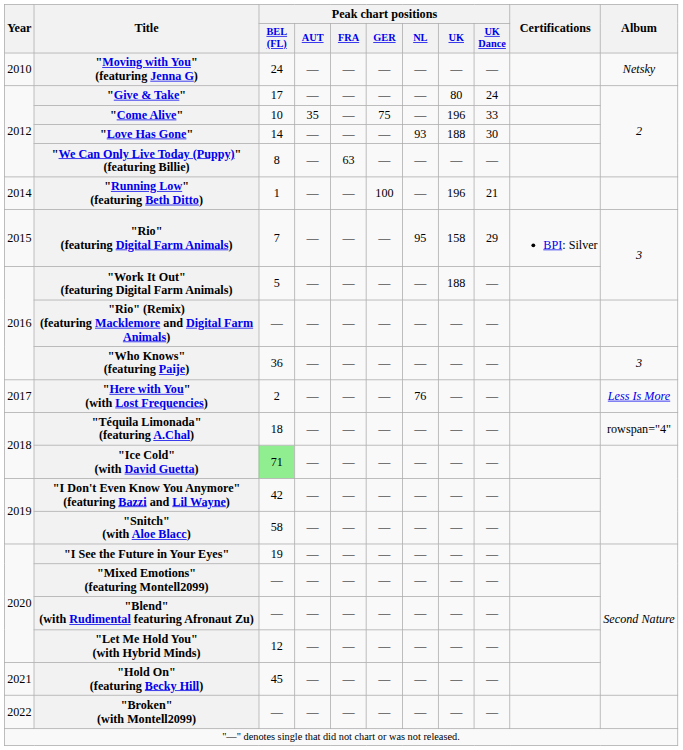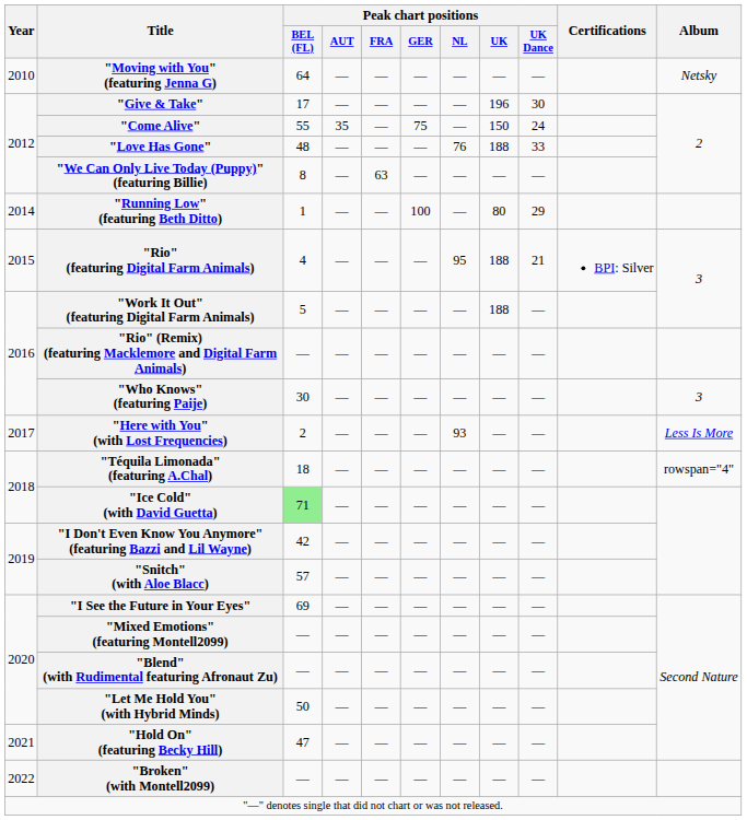 <table class="wikitable plainrowheaders" style="text-align:center;">
 <tr>
 <th scope="col" rowspan="2" style="width:1em;">Year</th>
 <th scope="col" rowspan="2" style="width:18em;">Title</th>
 <th scope="col" colspan="7">Peak chart positions</th>
 <th scope="col" rowspan="2">Certifications</th>
 <th scope="col" rowspan="2">Album</th>
 </tr>
 <tr>
 <th scope="col" style="width:3em;font-size:85%;"><a href='#'>BEL (FL)</a><br></th>
 <th scope="col" style="width:3em;font-size:85%;"><a href='#'>AUT</a><br></th>
 <th scope="col" style="width:3em;font-size:85%;"><a href='#'>FRA</a><br></th>
 <th scope="col" style="width:3em;font-size:85%;"><a href='#'>GER</a><br></th>
 <th scope="col" style="width:3em;font-size:85%;"><a href='#'>NL</a><br></th>
 <th scope="col" style="width:3em;font-size:85%;"><a href='#'>UK</a><br></th>
 <th scope="col" style="width:3em;font-size:85%;"><a href='#'>UK Dance</a><br></th>
 </tr>
 <tr>
 <td>2010</td>
 <th scope="row">"<a href='#'>Moving with You</a>"<br><span>(featuring <a href='#'>Jenna G</a>)</span></th>
-<td>24</td>
+<td>64</td>
 <td>—</td>
 <td>—</td>
 <td>—</td>
 <td>—</td>
 <td>—</td>
 <td>—</td>
 <td></td>
 <td><em>Netsky</em></td>
 </tr>
 <tr>
 <td rowspan="4">2012</td>
 <th scope="row">"<a href='#'>Give & Take</a>"</th>
 <td>17</td>
 <td>—</td>
 <td>—</td>
 <td>—</td>
 <td>—</td>
-<td>80</td>
-<td>24</td>
+<td>196</td>
+<td>30</td>
 <td></td>
 <td rowspan="4"><em>2</em></td>
 </tr>
 <tr>
 <th scope="row">"<a href='#'>Come Alive</a>"</th>
-<td>10</td>
+<td>55</td>
 <td>35</td>
 <td>—</td>
 <td>75</td>
 <td>—</td>
-<td>196</td>
-<td>33</td>
+<td>150</td>
+<td>24</td>
 <td></td>
 </tr>
 <tr>
 <th scope="row">"<a href='#'>Love Has Gone</a>"</th>
-<td>14</td>
+<td>48</td>
 <td>—</td>
 <td>—</td>
 <td>—</td>
-<td>93</td>
+<td>76</td>
 <td>188</td>
-<td>30</td>
+<td>33</td>
 <td></td>
 </tr>
 <tr>
 <th scope="row">"<a href='#'>We Can Only Live Today (Puppy)</a>"<br><span>(featuring Billie)</span></th>
 <td>8</td>
 <td>—</td>
 <td>63</td>
 <td>—</td>
 <td>—</td>
 <td>—</td>
 <td>—</td>
 <td></td>
 </tr>
 <tr>
 <td>2014</td>
 <th scope="row">"<a href='#'>Running Low</a>"<br><span>(featuring <a href='#'>Beth Ditto</a>)</span></th>
 <td>1</td>
 <td>—</td>
 <td>—</td>
 <td>100</td>
 <td>—</td>
-<td>196</td>
-<td>21</td>
+<td>80</td>
+<td>29</td>
 <td></td>
 <td></td>
 </tr>
 <tr>
 <td>2015</td>
 <th scope="row">"Rio"<br><span>(featuring <a href='#'>Digital Farm Animals</a>)</span></th>
-<td>7</td>
+<td>4</td>
 <td>—</td>
 <td>—</td>
 <td>—</td>
 <td>95</td>
-<td>158</td>
-<td>29</td>
+<td>188</td>
+<td>21</td>
 <td><br><ul><li><a href='#'>BPI</a>: Silver</li></ul></td>
 <td rowspan="2"><em>3</em></td>
 </tr>
 <tr>
 <td rowspan="3">2016</td>
 <th scope="row">"Work It Out"<br><span>(featuring Digital Farm Animals)</span></th>
 <td>5</td>
 <td>—</td>
 <td>—</td>
 <td>—</td>
 <td>—</td>
 <td>188</td>
 <td>—</td>
 <td></td>
 </tr>
 <tr>
 <th scope="row">"Rio" (Remix)<br><span>(featuring <a href='#'>Macklemore</a> and <a href='#'>Digital Farm Animals</a>)</span></th>
 <td>—</td>
 <td>—</td>
 <td>—</td>
 <td>—</td>
 <td>—</td>
 <td>—</td>
 <td>—</td>
 <td></td>
 <td></td>
 </tr>
 <tr>
 <th scope="row">"Who Knows"<br><span>(featuring <a href='#'>Paije</a>)</span></th>
-<td>36</td>
+<td>30</td>
 <td>—</td>
 <td>—</td>
 <td>—</td>
 <td>—</td>
 <td>—</td>
 <td>—</td>
 <td></td>
 <td><em>3</em></td>
 </tr>
 <tr>
 <td>2017</td>
 <th scope="row">"<a href='#'>Here with You</a>"<br><span>(with <a href='#'>Lost Frequencies</a>)</span></th>
 <td>2</td>
 <td>—</td>
 <td>—</td>
 <td>—</td>
-<td>76</td>
+<td>93</td>
 <td>—</td>
 <td>—</td>
 <td></td>
 <td><em><a href='#'>Less Is More</a></em></td>
 </tr>
 <tr>
 <td rowspan="2">2018</td>
 <th scope="row">"Téquila Limonada"<br><span>(featuring <a href='#'>A.Chal</a>)</span></th>
 <td>18</td>
 <td>—</td>
 <td>—</td>
 <td>—</td>
 <td>—</td>
 <td>—</td>
 <td>—</td>
 <td></td>
 <td>rowspan="4" </td>
 </tr>
 <tr>
 <th scope="row">"Ice Cold" <br><span>(with <a href='#'>David Guetta</a>)</span></th>
 <td style="background: lightgreen;">71</td>
 <td>—</td>
 <td>—</td>
 <td>—</td>
 <td>—</td>
 <td>—</td>
 <td>—</td>
 <td></td>
 </tr>
 <tr>
 <td rowspan="2">2019</td>
 <th scope="row">"I Don't Even Know You Anymore" <br><span>(featuring <a href='#'>Bazzi</a> and <a href='#'>Lil Wayne</a>)</span></th>
 <td>42</td>
 <td>—</td>
 <td>—</td>
 <td>—</td>
 <td>—</td>
 <td>—</td>
 <td>—</td>
 <td></td>
 </tr>
 <tr>
 <th scope="row">"Snitch" <br><span>(with <a href='#'>Aloe Blacc</a>)</span></th>
-<td>58</td>
+<td>57</td>
 <td>—</td>
 <td>—</td>
 <td>—</td>
 <td>—</td>
 <td>—</td>
 <td>—</td>
 <td></td>
 </tr>
 <tr>
 <td rowspan="4">2020</td>
 <th scope="row">"I See the Future in Your Eyes"</th>
-<td>19</td>
+<td>69</td>
 <td>—</td>
 <td>—</td>
 <td>—</td>
 <td>—</td>
 <td>—</td>
 <td>—</td>
 <td></td>
 <td rowspan="5"><em>Second Nature</em></td>
 </tr>
 <tr>
 <th scope="row">"Mixed Emotions" <br><span>(featuring Montell2099)</span></th>
 <td>—</td>
 <td>—</td>
 <td>—</td>
 <td>—</td>
 <td>—</td>
 <td>—</td>
 <td>—</td>
 <td></td>
 </tr>
 <tr>
 <th scope="row">"Blend" <br><span>(with <a href='#'>Rudimental</a> featuring Afronaut Zu)</span></th>
 <td>—</td>
 <td>—</td>
 <td>—</td>
 <td>—</td>
 <td>—</td>
 <td>—</td>
 <td>—</td>
 <td></td>
 </tr>
 <tr>
 <th scope="row">"Let Me Hold You"<br><span>(with Hybrid Minds)</span></th>
-<td>12</td>
+<td>50</td>
 <td>—</td>
 <td>—</td>
 <td>—</td>
 <td>—</td>
 <td>—</td>
 <td>—</td>
 <td></td>
 </tr>
 <tr>
 <td>2021</td>
 <th scope="row">"Hold On"<br><span>(featuring <a href='#'>Becky Hill</a>)</span></th>
-<td>45</td>
+<td>47</td>
 <td>—</td>
 <td>—</td>
 <td>—</td>
 <td>—</td>
 <td>—</td>
 <td>—</td>
 <td></td>
 </tr>
 <tr>
 <td>2022</td>
 <th scope="row">"Broken" <br><span>(with Montell2099)</span></th>
 <td>—</td>
 <td>—</td>
 <td>—</td>
 <td>—</td>
 <td>—</td>
 <td>—</td>
 <td>—</td>
 <td></td>
 <td></td>
 </tr>
 <tr>
 <td colspan="14" style="font-size:85%">"—" denotes single that did not chart or was not released.</td>
 </tr>
 </table>
